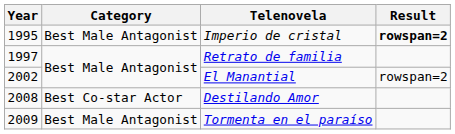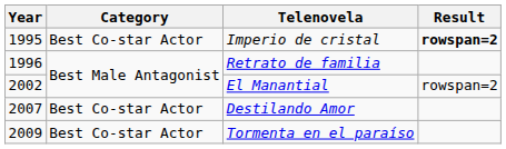 <table class="wikitable">
 <tr>
 <th><strong>Year</strong></th>
 <th><strong>Category</strong></th>
 <th><strong>Telenovela</strong></th>
 <th><strong>Result</strong></th>
 </tr>
 <tr>
 <td>1995</td>
-<td>Best Male Antagonist</td>
+<td>Best Co-star Actor</td>
 <td><em>Imperio de cristal</em></td>
 <td><strong>rowspan=2 </strong></td>
 </tr>
 <tr>
-<td>1997</td>
+<td>1996</td>
 <td rowspan=2>Best Male Antagonist</td>
 <td><em><a href='#'>Retrato de familia</a></em></td>
 </tr>
 <tr>
 <td>2002</td>
 <td><em><a href='#'>El Manantial</a></em></td>
 <td>rowspan=2 </td>
 </tr>
 <tr>
-<td>2008</td>
+<td>2007</td>
 <td>Best Co-star Actor</td>
 <td><em><a href='#'>Destilando Amor</a></em></td>
 </tr>
 <tr>
 <td>2009</td>
-<td>Best Male Antagonist</td>
+<td>Best Co-star Actor</td>
 <td><em><a href='#'>Tormenta en el paraíso</a></em></td>
 <td></td>
 </tr>
 </table>
